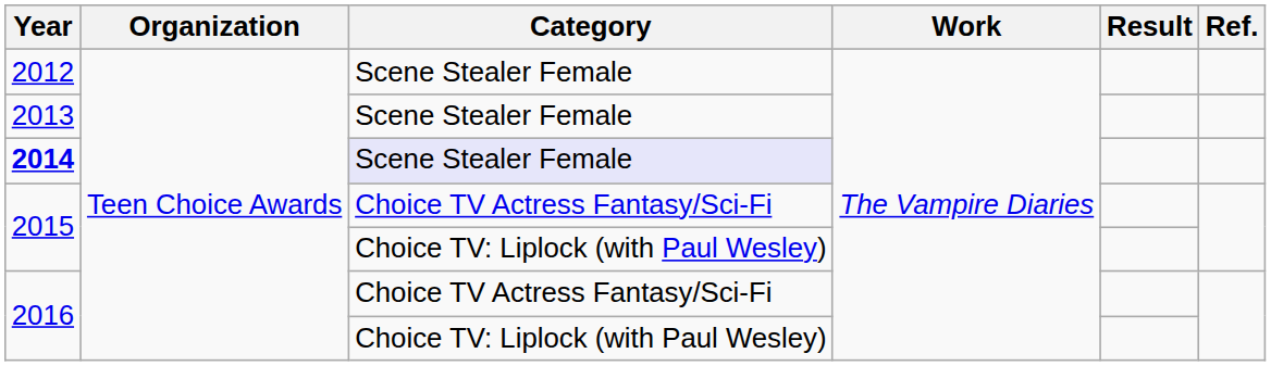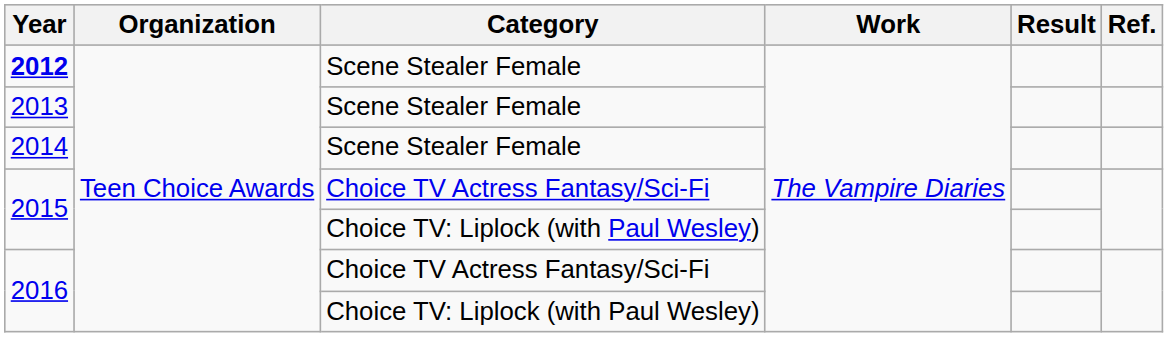 <table class="wikitable">
 <tr>
 <th scope="col">Year</th>
 <th scope="col">Organization</th>
 <th scope="col">Category</th>
 <th scope="col">Work</th>
 <th scope="col">Result</th>
 <th scope="col">Ref.</th>
 </tr>
 <tr>
-<td><a href='#'>2012</a></td>
+<td><strong><a href='#'>2012</a></strong></td>
 <td scope="row" rowspan="7"><a href='#'>Teen Choice Awards</a></td>
 <td>Scene Stealer Female</td>
 <td rowspan="7"><em><a href='#'>The Vampire Diaries</a></em></td>
 <td></td>
 <td style="text-align:center;"></td>
 </tr>
 <tr>
 <td><a href='#'>2013</a></td>
 <td>Scene Stealer Female</td>
 <td></td>
 <td style="text-align:center;"></td>
 </tr>
 <tr>
-<td><strong><a href='#'>2014</a></strong></td>
-<td style="background: lavender;">Scene Stealer Female</td>
+<td><a href='#'>2014</a></td>
+<td>Scene Stealer Female</td>
 <td></td>
 <td style="text-align:center;"></td>
 </tr>
 <tr>
 <td rowspan="2"><a href='#'>2015</a></td>
 <td><a href='#'>Choice TV Actress Fantasy/Sci-Fi</a></td>
 <td></td>
 <td style="text-align:center;" rowspan="2"></td>
 </tr>
 <tr>
 <td>Choice TV: Liplock (with <a href='#'>Paul Wesley</a>)</td>
 <td></td>
 </tr>
 <tr>
 <td rowspan="2"><a href='#'>2016</a></td>
 <td>Choice TV Actress Fantasy/Sci-Fi</td>
 <td></td>
 <td style="text-align:center;" rowspan="2"></td>
 </tr>
 <tr>
 <td>Choice TV: Liplock (with Paul Wesley)</td>
 <td></td>
 </tr>
 </table>
